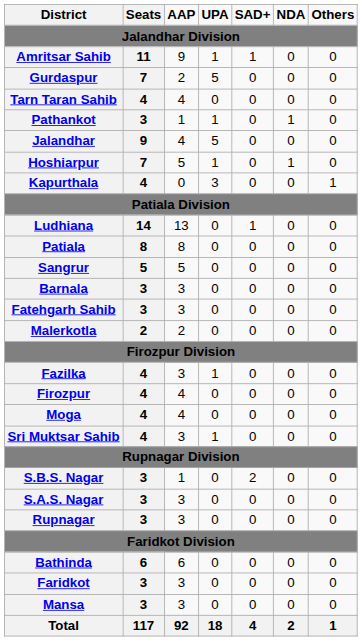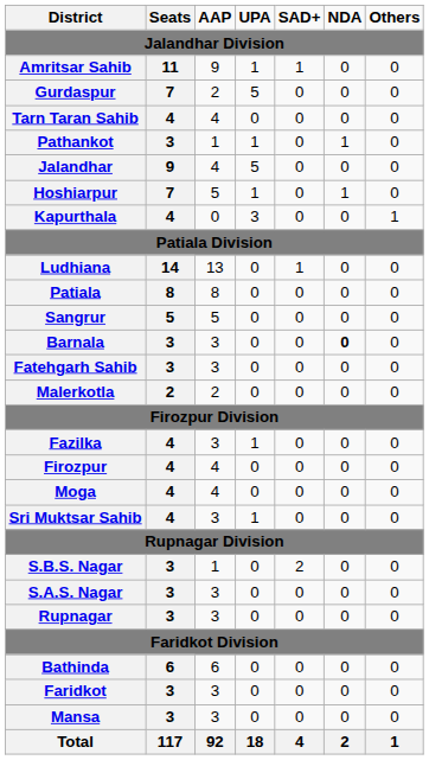 <table class="wikitable sortable" style="text-align:center;">
 <tr>
 <th>District</th>
 <th>Seats</th>
 <td><span><strong>AAP</strong></span></td>
 <td><span><strong>UPA</strong></span></td>
 <td><span><strong>SAD+</strong></span></td>
 <td><span><strong>NDA</strong></span></td>
 <td><span><strong>Others</strong></span></td>
 </tr>
 <tr>
 <td colspan="7" align="center" style="background-color: grey;"><span><strong>Jalandhar Division</strong></span></td>
 </tr>
 <tr>
 <th><a href='#'>Amritsar Sahib</a></th>
 <th>11</th>
 <td style="background:">9</td>
 <td>1</td>
 <td>1</td>
 <td>0</td>
 <td>0</td>
 </tr>
 <tr>
 <th><a href='#'>Gurdaspur</a></th>
 <th>7</th>
 <td>2</td>
 <td style="background:">5</td>
 <td>0</td>
 <td>0</td>
 <td>0</td>
 </tr>
 <tr>
 <th><a href='#'>Tarn Taran Sahib</a></th>
 <th>4</th>
 <td style="background:">4</td>
 <td>0</td>
 <td>0</td>
 <td>0</td>
 <td>0</td>
 </tr>
 <tr>
 <th><a href='#'>Pathankot</a></th>
 <th>3</th>
 <td>1</td>
 <td>1</td>
 <td>0</td>
 <td>1</td>
 <td>0</td>
 </tr>
 <tr>
 <th><a href='#'>Jalandhar</a></th>
 <th>9</th>
 <td>4</td>
 <td style="background:">5</td>
 <td>0</td>
 <td>0</td>
 <td>0</td>
 </tr>
 <tr>
 <th><a href='#'>Hoshiarpur</a></th>
 <th>7</th>
 <td style="background:">5</td>
 <td>1</td>
 <td>0</td>
 <td>1</td>
 <td>0</td>
 </tr>
 <tr>
 <th><a href='#'>Kapurthala</a></th>
 <th>4</th>
 <td>0</td>
 <td style="background:">3</td>
 <td>0</td>
 <td>0</td>
 <td>1</td>
 </tr>
 <tr>
 <td colspan="7" align="center" style="background-color: grey;"><span><strong>Patiala Division</strong></span></td>
 </tr>
 <tr>
 <th><a href='#'>Ludhiana</a></th>
 <th>14</th>
 <td style="background:">13</td>
 <td>0</td>
 <td>1</td>
 <td>0</td>
 <td>0</td>
 </tr>
 <tr>
 <th><a href='#'>Patiala</a></th>
 <th>8</th>
 <td style="background:">8</td>
 <td>0</td>
 <td>0</td>
 <td>0</td>
 <td>0</td>
 </tr>
 <tr>
 <th><a href='#'>Sangrur</a></th>
 <th>5</th>
 <td style="background:">5</td>
 <td>0</td>
 <td>0</td>
 <td>0</td>
 <td>0</td>
 </tr>
 <tr>
 <th><a href='#'>Barnala</a></th>
 <th>3</th>
 <td style="background:">3</td>
 <td>0</td>
 <td>0</td>
-<td>0</td>
+<td><strong>0</strong></td>
 <td>0</td>
 </tr>
 <tr>
 <th><a href='#'>Fatehgarh Sahib</a></th>
 <th>3</th>
 <td style="background:">3</td>
 <td>0</td>
 <td>0</td>
 <td>0</td>
 <td>0</td>
 </tr>
 <tr>
 <th><a href='#'>Malerkotla</a></th>
 <th>2</th>
 <td style="background:">2</td>
 <td>0</td>
 <td>0</td>
 <td>0</td>
 <td>0</td>
 </tr>
 <tr>
 <td colspan="7" align="center" style="background-color: grey;"><span><strong>Firozpur Division</strong></span></td>
 </tr>
 <tr>
 <th><a href='#'>Fazilka</a></th>
 <th>4</th>
 <td style="background:">3</td>
 <td>1</td>
 <td>0</td>
 <td>0</td>
 <td>0</td>
 </tr>
 <tr>
 <th><a href='#'>Firozpur</a></th>
 <th>4</th>
 <td style="background:">4</td>
 <td>0</td>
 <td>0</td>
 <td>0</td>
 <td>0</td>
 </tr>
 <tr>
 <th><a href='#'>Moga</a></th>
 <th>4</th>
 <td style="background:">4</td>
 <td>0</td>
 <td>0</td>
 <td>0</td>
 <td>0</td>
 </tr>
 <tr>
 <th><a href='#'>Sri Muktsar Sahib</a></th>
 <th>4</th>
 <td style="background:">3</td>
 <td>1</td>
 <td>0</td>
 <td>0</td>
 <td>0</td>
 </tr>
 <tr>
 <td colspan="7" align="center" style="background-color: grey;"><span><strong>Rupnagar Division</strong></span></td>
 </tr>
 <tr>
 <th><a href='#'>S.B.S. Nagar</a></th>
 <th>3</th>
 <td>1</td>
 <td>0</td>
 <td style="background:">2</td>
 <td>0</td>
 <td>0</td>
 </tr>
 <tr>
 <th><a href='#'>S.A.S. Nagar</a></th>
 <th>3</th>
 <td style="background:">3</td>
 <td>0</td>
 <td>0</td>
 <td>0</td>
 <td>0</td>
 </tr>
 <tr>
 <th><a href='#'>Rupnagar</a></th>
 <th>3</th>
 <td style="background:">3</td>
 <td>0</td>
 <td>0</td>
 <td>0</td>
 <td>0</td>
 </tr>
 <tr>
 <td colspan="7" align="center" style="background-color: grey;"><span><strong>Faridkot Division</strong></span></td>
 </tr>
 <tr>
 <th><a href='#'>Bathinda</a></th>
 <th>6</th>
 <td style="background:">6</td>
 <td>0</td>
 <td>0</td>
 <td>0</td>
 <td>0</td>
 </tr>
 <tr>
 <th><a href='#'>Faridkot</a></th>
 <th>3</th>
 <td style="background:">3</td>
 <td>0</td>
 <td>0</td>
 <td>0</td>
 <td>0</td>
 </tr>
 <tr>
 <th><a href='#'>Mansa</a></th>
 <th>3</th>
 <td style="background:">3</td>
 <td>0</td>
 <td>0</td>
 <td>0</td>
 <td>0</td>
 </tr>
 <tr>
 <th>Total</th>
 <th>117</th>
 <th>92</th>
 <th>18</th>
 <th>4</th>
 <th>2</th>
 <th>1</th>
 </tr>
 </table>
